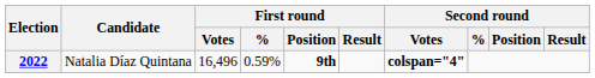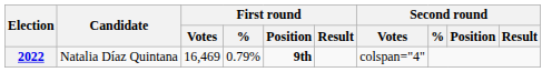 <table class=wikitable style="text-align: right;">
 <tr>
 <th rowspan=2>Election</th>
 <th rowspan=2>Candidate</th>
 <th colspan=4>First round</th>
 <th colspan=4>Second round</th>
 </tr>
 <tr>
 <th>Votes</th>
 <th>%</th>
 <th>Position</th>
 <th>Result</th>
 <th>Votes</th>
 <th>%</th>
 <th>Position</th>
 <th>Result</th>
 </tr>
 <tr>
 <th><a href='#'>2022</a></th>
 <td>Natalia Díaz Quintana</td>
-<td>16,496</td>
-<td>0.59%</td>
+<td>16,469</td>
+<td>0.79%</td>
 <td><strong>9th</strong></td>
 <td></td>
-<td><strong>colspan="4" </strong></td>
+<td>colspan="4" </td>
 </tr>
 </table>
